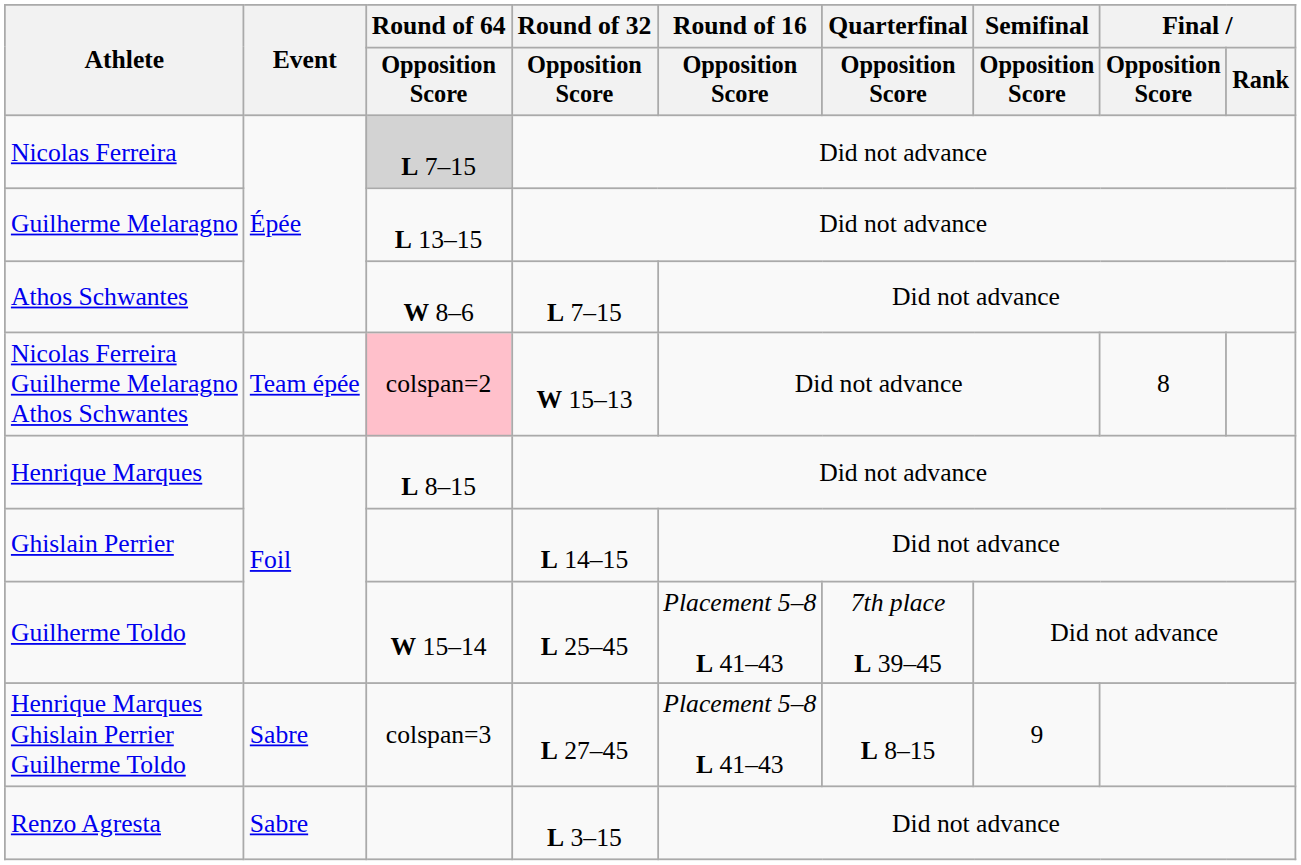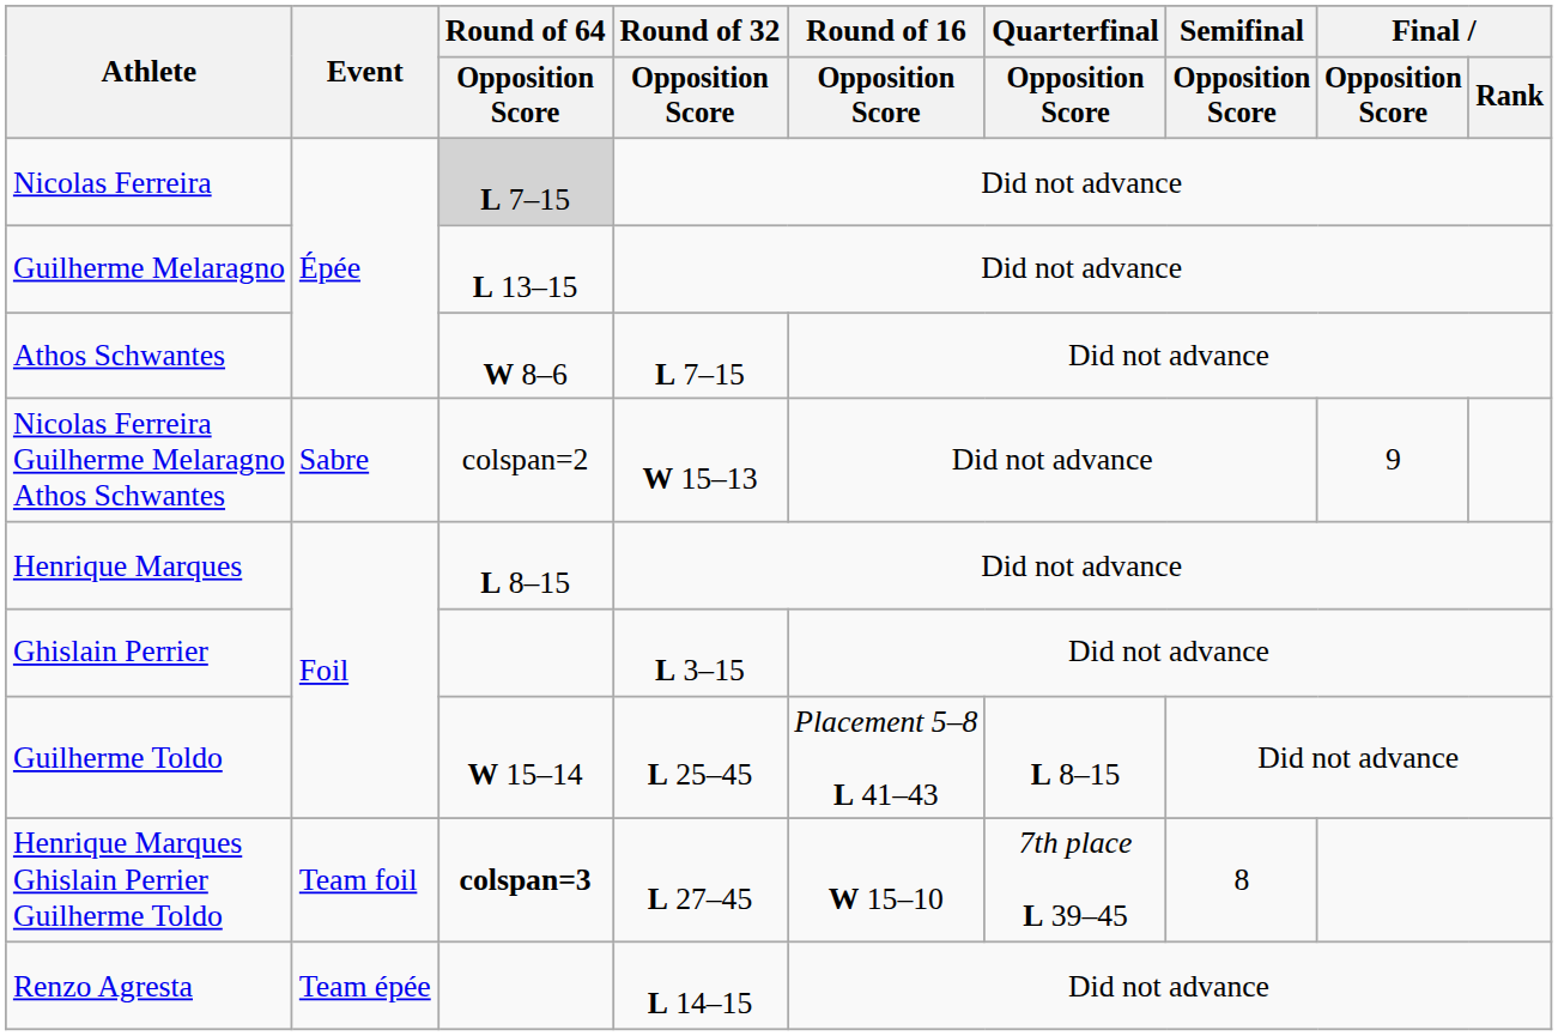 <table class="wikitable" style="font-size:90%">
 <tr>
 <th rowspan=2>Athlete</th>
 <th rowspan=2>Event</th>
 <th>Round of 64</th>
 <th>Round of 32</th>
 <th>Round of 16</th>
 <th>Quarterfinal</th>
 <th>Semifinal</th>
 <th colspan=2>Final / </th>
 </tr>
 <tr style="font-size:95%">
 <th>Opposition<br>Score</th>
 <th>Opposition<br>Score</th>
 <th>Opposition<br>Score</th>
 <th>Opposition<br>Score</th>
 <th>Opposition<br>Score</th>
 <th>Opposition<br>Score</th>
 <th>Rank</th>
 </tr>
 <tr align=center>
 <td align=left><a href='#'>Nicolas Ferreira</a></td>
 <td align=left rowspan=3><a href='#'>Épée</a></td>
 <td style="background: lightgrey;"><br><strong>L</strong> 7–15</td>
 <td colspan=6>Did not advance</td>
 </tr>
 <tr align=center>
 <td align=left><a href='#'>Guilherme Melaragno</a></td>
 <td><br><strong>L</strong> 13–15</td>
 <td colspan=6>Did not advance</td>
 </tr>
 <tr align=center>
 <td align=left><a href='#'>Athos Schwantes</a></td>
 <td><br><strong>W</strong> 8–6</td>
 <td><br><strong>L</strong> 7–15</td>
 <td colspan=5>Did not advance</td>
 </tr>
 <tr align=center>
 <td align=left><a href='#'>Nicolas Ferreira</a><br><a href='#'>Guilherme Melaragno</a><br><a href='#'>Athos Schwantes</a></td>
-<td align=left><a href='#'>Team épée</a></td>
-<td style="background: pink;">colspan=2 </td>
+<td align=left><a href='#'>Sabre</a></td>
+<td>colspan=2 </td>
 <td><br><strong>W</strong> 15–13</td>
 <td colspan=3>Did not advance</td>
-<td>8</td>
+<td>9</td>
 </tr>
 <tr align=center>
 <td align=left><a href='#'>Henrique Marques</a></td>
 <td align=left rowspan=3><a href='#'>Foil</a></td>
 <td><br><strong>L</strong> 8–15</td>
 <td colspan=6>Did not advance</td>
 </tr>
 <tr align=center>
 <td align=left><a href='#'>Ghislain Perrier</a></td>
 <td></td>
-<td><br><strong>L</strong> 14–15</td>
+<td><br><strong>L</strong> 3–15</td>
 <td colspan=5>Did not advance</td>
 </tr>
 <tr align=center>
 <td align=left><a href='#'>Guilherme Toldo</a></td>
 <td><br><strong>W</strong> 15–14</td>
 <td><br><strong>L</strong> 25–45</td>
 <td><em>Placement 5–8</em><br><br><strong>L</strong> 41–43</td>
-<td><em>7th place</em><br><br><strong>L</strong> 39–45</td>
+<td><br><strong>L</strong> 8–15</td>
 <td colspan=3>Did not advance</td>
 </tr>
 <tr align=center>
 <td align=left><a href='#'>Henrique Marques</a><br><a href='#'>Ghislain Perrier</a><br><a href='#'>Guilherme Toldo</a></td>
-<td align=left><a href='#'>Sabre</a></td>
-<td>colspan=3 </td>
+<td align=left><a href='#'>Team foil</a></td>
+<td><strong>colspan=3 </strong></td>
 <td><br><strong>L</strong> 27–45</td>
-<td><em>Placement 5–8</em><br><br><strong>L</strong> 41–43</td>
-<td><br><strong>L</strong> 8–15</td>
-<td>9</td>
+<td><br><strong>W</strong> 15–10</td>
+<td><em>7th place</em><br><br><strong>L</strong> 39–45</td>
+<td>8</td>
 </tr>
 <tr align=center>
 <td align=left><a href='#'>Renzo Agresta</a></td>
-<td align=left><a href='#'>Sabre</a></td>
+<td align=left><a href='#'>Team épée</a></td>
 <td></td>
-<td><br><strong>L</strong> 3–15</td>
+<td><br><strong>L</strong> 14–15</td>
 <td colspan=5>Did not advance</td>
 </tr>
 </table>
